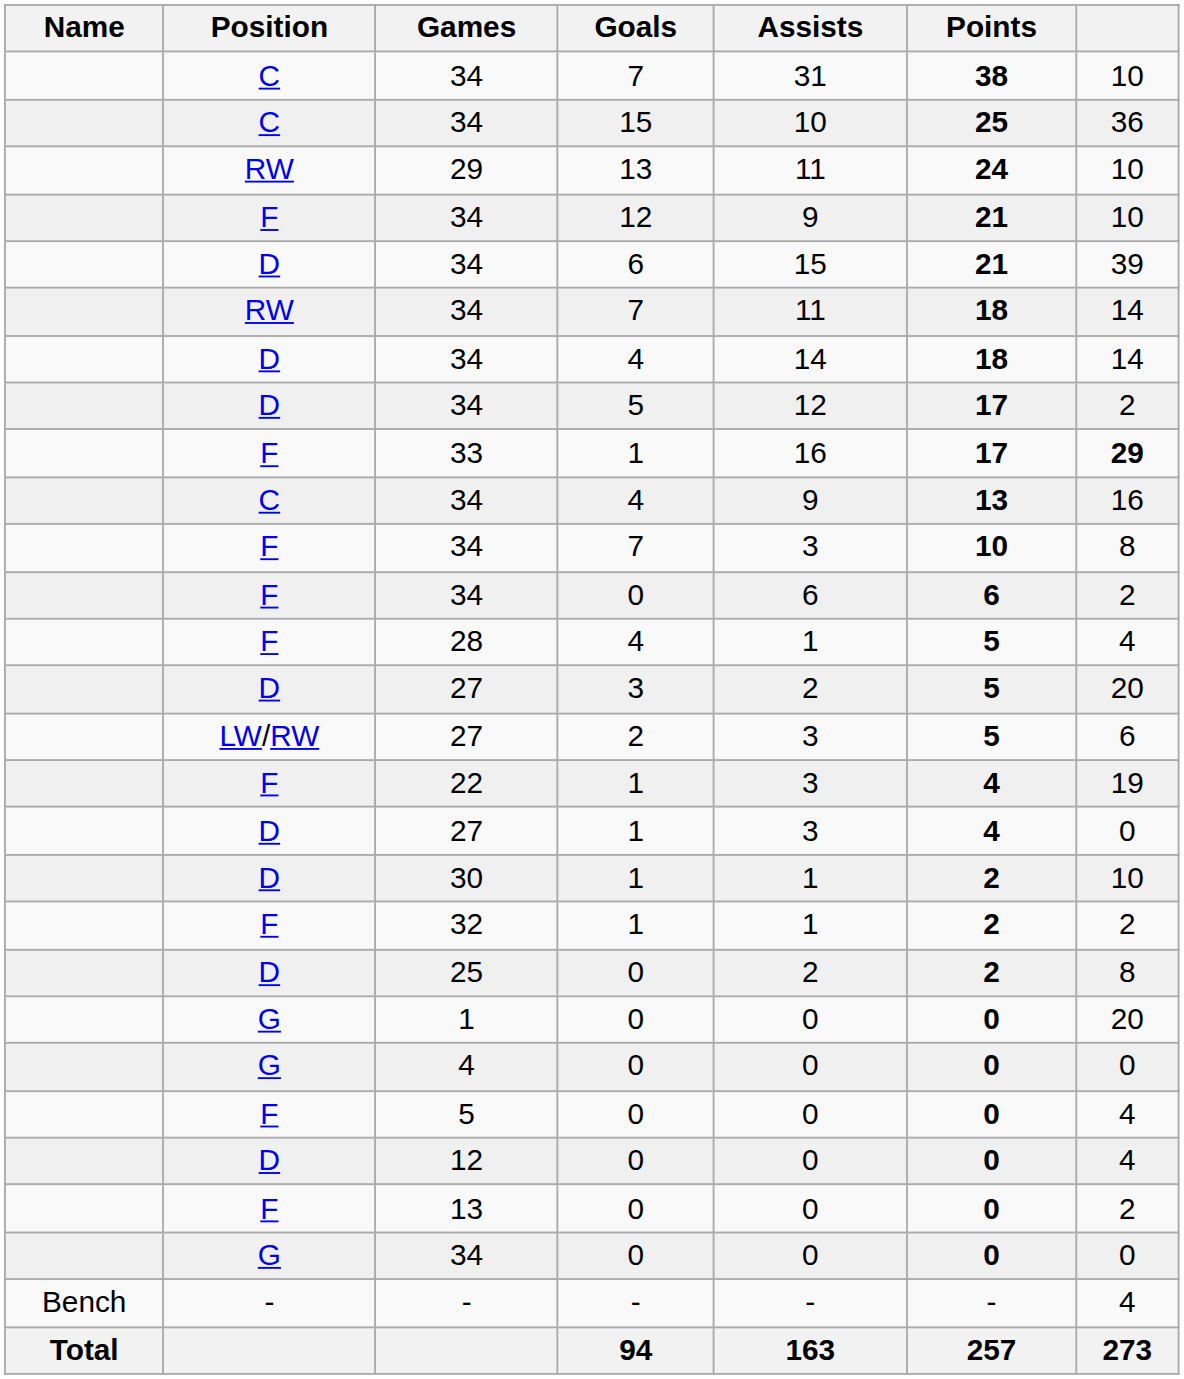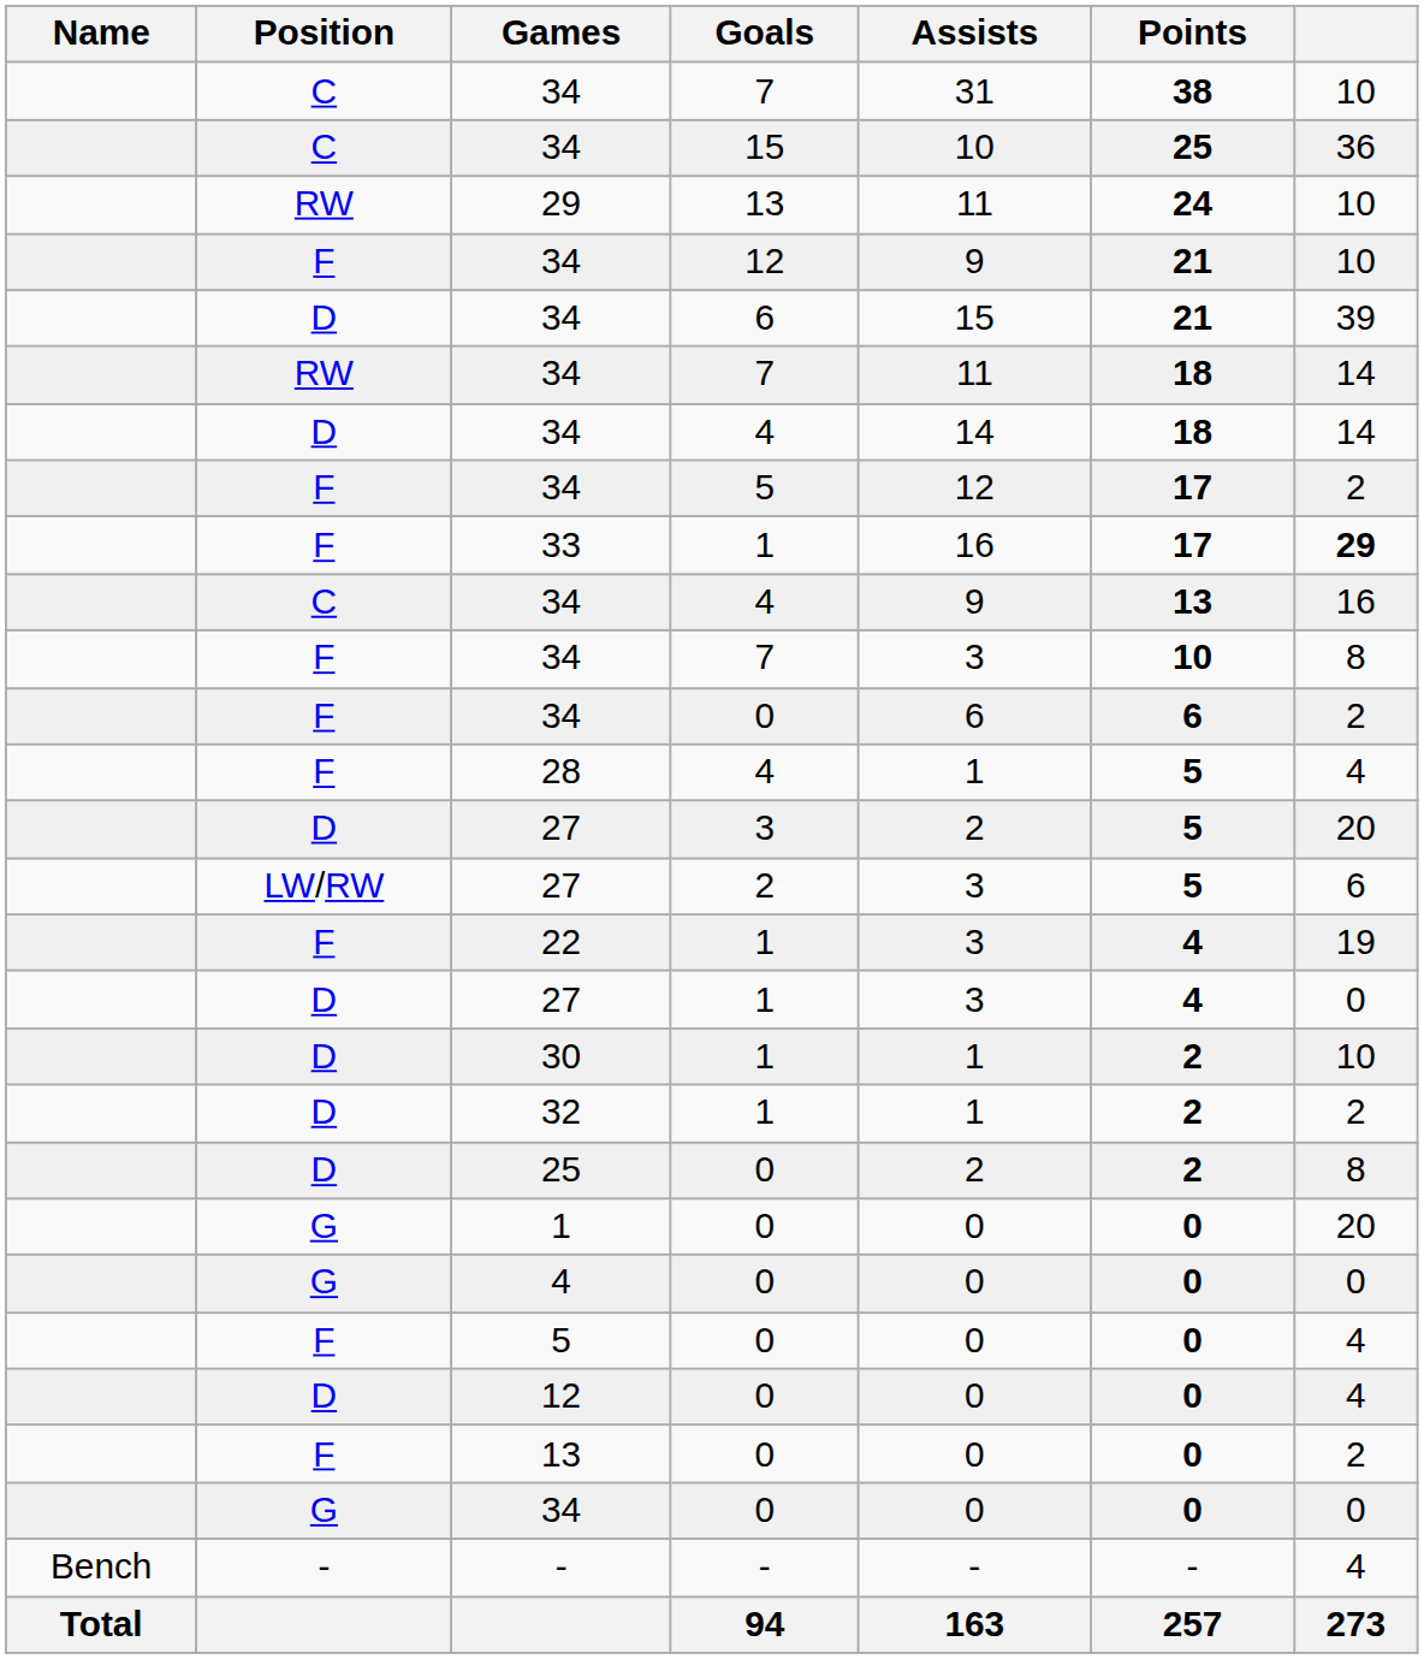 <table class="wikitable sortable" width ="50%">
 <tr align="center">
 <th>Name</th>
 <th>Position</th>
 <th>Games</th>
 <th>Goals</th>
 <th>Assists</th>
 <th>Points</th>
 <th><a href='#'></a></th>
 </tr>
 <tr align="center" bgcolor="">
 <td></td>
 <td><a href='#'>C</a></td>
 <td>34</td>
 <td>7</td>
 <td>31</td>
 <td><strong>38</strong></td>
 <td>10</td>
 </tr>
 <tr align="center" bgcolor="f0f0f0">
 <td></td>
 <td><a href='#'>C</a></td>
 <td>34</td>
 <td>15</td>
 <td>10</td>
 <td><strong>25</strong></td>
 <td>36</td>
 </tr>
 <tr align="center" bgcolor="">
 <td></td>
 <td><a href='#'>RW</a></td>
 <td>29</td>
 <td>13</td>
 <td>11</td>
 <td><strong>24</strong></td>
 <td>10</td>
 </tr>
 <tr align="center" bgcolor="f0f0f0">
 <td></td>
 <td><a href='#'>F</a></td>
 <td>34</td>
 <td>12</td>
 <td>9</td>
 <td><strong>21</strong></td>
 <td>10</td>
 </tr>
 <tr align="center" bgcolor="">
 <td></td>
 <td><a href='#'>D</a></td>
 <td>34</td>
 <td>6</td>
 <td>15</td>
 <td><strong>21</strong></td>
 <td>39</td>
 </tr>
 <tr align="center" bgcolor="f0f0f0">
 <td></td>
 <td><a href='#'>RW</a></td>
 <td>34</td>
 <td>7</td>
 <td>11</td>
 <td><strong>18</strong></td>
 <td>14</td>
 </tr>
 <tr align="center" bgcolor="">
 <td></td>
 <td><a href='#'>D</a></td>
 <td>34</td>
 <td>4</td>
 <td>14</td>
 <td><strong>18</strong></td>
 <td>14</td>
 </tr>
 <tr align="center" bgcolor="f0f0f0">
 <td></td>
-<td><a href='#'>D</a></td>
+<td><a href='#'>F</a></td>
 <td>34</td>
 <td>5</td>
 <td>12</td>
 <td><strong>17</strong></td>
 <td>2</td>
 </tr>
 <tr align="center" bgcolor="">
 <td></td>
 <td><a href='#'>F</a></td>
 <td>33</td>
 <td>1</td>
 <td>16</td>
 <td><strong>17</strong></td>
 <td><strong>29</strong></td>
 </tr>
 <tr align="center" bgcolor="f0f0f0">
 <td></td>
 <td><a href='#'>C</a></td>
 <td>34</td>
 <td>4</td>
 <td>9</td>
 <td><strong>13</strong></td>
 <td>16</td>
 </tr>
 <tr align="center" bgcolor="">
 <td></td>
 <td><a href='#'>F</a></td>
 <td>34</td>
 <td>7</td>
 <td>3</td>
 <td><strong>10</strong></td>
 <td>8</td>
 </tr>
 <tr align="center" bgcolor="f0f0f0">
 <td></td>
 <td><a href='#'>F</a></td>
 <td>34</td>
 <td>0</td>
 <td>6</td>
 <td><strong>6</strong></td>
 <td>2</td>
 </tr>
 <tr align="center" bgcolor="">
 <td></td>
 <td><a href='#'>F</a></td>
 <td>28</td>
 <td>4</td>
 <td>1</td>
 <td><strong>5</strong></td>
 <td>4</td>
 </tr>
 <tr align="center" bgcolor="f0f0f0">
 <td></td>
 <td><a href='#'>D</a></td>
 <td>27</td>
 <td>3</td>
 <td>2</td>
 <td><strong>5</strong></td>
 <td>20</td>
 </tr>
 <tr align="center" bgcolor="">
 <td></td>
 <td><a href='#'>LW</a>/<a href='#'>RW</a></td>
 <td>27</td>
 <td>2</td>
 <td>3</td>
 <td><strong>5</strong></td>
 <td>6</td>
 </tr>
 <tr align="center" bgcolor="f0f0f0">
 <td></td>
 <td><a href='#'>F</a></td>
 <td>22</td>
 <td>1</td>
 <td>3</td>
 <td><strong>4</strong></td>
 <td>19</td>
 </tr>
 <tr align="center" bgcolor="">
 <td></td>
 <td><a href='#'>D</a></td>
 <td>27</td>
 <td>1</td>
 <td>3</td>
 <td><strong>4</strong></td>
 <td>0</td>
 </tr>
 <tr align="center" bgcolor="f0f0f0">
 <td></td>
 <td><a href='#'>D</a></td>
 <td>30</td>
 <td>1</td>
 <td>1</td>
 <td><strong>2</strong></td>
 <td>10</td>
 </tr>
 <tr align="center" bgcolor="">
 <td></td>
-<td><a href='#'>F</a></td>
+<td><a href='#'>D</a></td>
 <td>32</td>
 <td>1</td>
 <td>1</td>
 <td><strong>2</strong></td>
 <td>2</td>
 </tr>
 <tr align="center" bgcolor="f0f0f0">
 <td></td>
 <td><a href='#'>D</a></td>
 <td>25</td>
 <td>0</td>
 <td>2</td>
 <td><strong>2</strong></td>
 <td>8</td>
 </tr>
 <tr align="center" bgcolor="">
 <td></td>
 <td><a href='#'>G</a></td>
 <td>1</td>
 <td>0</td>
 <td>0</td>
 <td><strong>0</strong></td>
 <td>20</td>
 </tr>
 <tr align="center" bgcolor="f0f0f0">
 <td></td>
 <td><a href='#'>G</a></td>
 <td>4</td>
 <td>0</td>
 <td>0</td>
 <td><strong>0</strong></td>
 <td>0</td>
 </tr>
 <tr align="center" bgcolor="">
 <td></td>
 <td><a href='#'>F</a></td>
 <td>5</td>
 <td>0</td>
 <td>0</td>
 <td><strong>0</strong></td>
 <td>4</td>
 </tr>
 <tr align="center" bgcolor="f0f0f0">
 <td></td>
 <td><a href='#'>D</a></td>
 <td>12</td>
 <td>0</td>
 <td>0</td>
 <td><strong>0</strong></td>
 <td>4</td>
 </tr>
 <tr align="center" bgcolor="">
 <td></td>
 <td><a href='#'>F</a></td>
 <td>13</td>
 <td>0</td>
 <td>0</td>
 <td><strong>0</strong></td>
 <td>2</td>
 </tr>
 <tr align="center" bgcolor="f0f0f0">
 <td></td>
 <td><a href='#'>G</a></td>
 <td>34</td>
 <td>0</td>
 <td>0</td>
 <td><strong>0</strong></td>
 <td>0</td>
 </tr>
 <tr align="center" bgcolor="">
 <td>Bench</td>
 <td>-</td>
 <td>-</td>
 <td>-</td>
 <td>-</td>
 <td>-</td>
 <td>4</td>
 </tr>
 <tr>
 <th>Total</th>
 <th></th>
 <th></th>
 <th>94</th>
 <th>163</th>
 <th>257</th>
 <th>273</th>
 </tr>
 </table>
